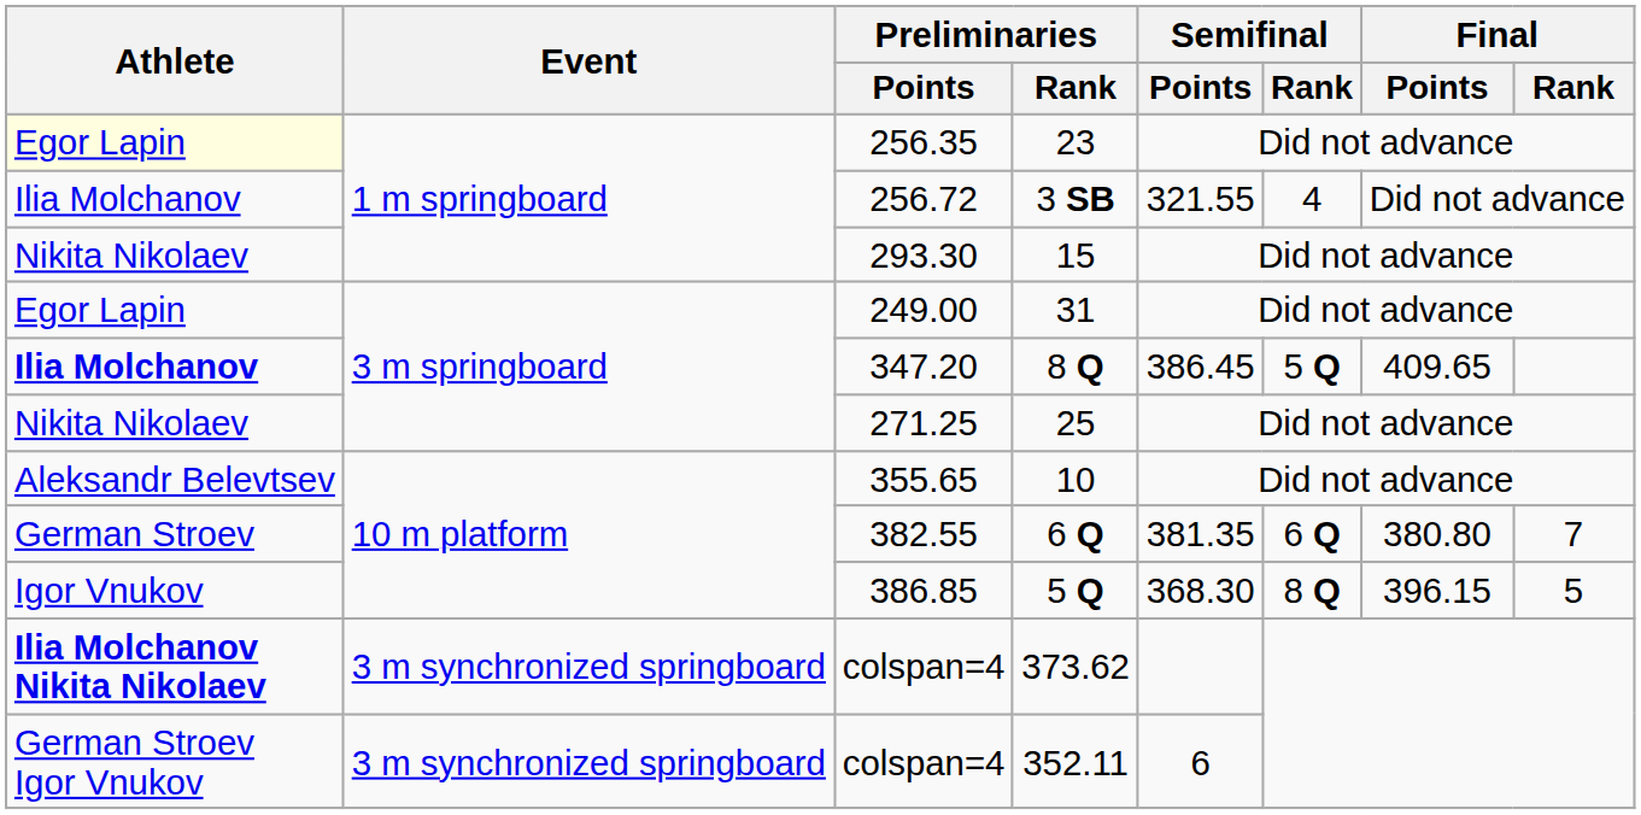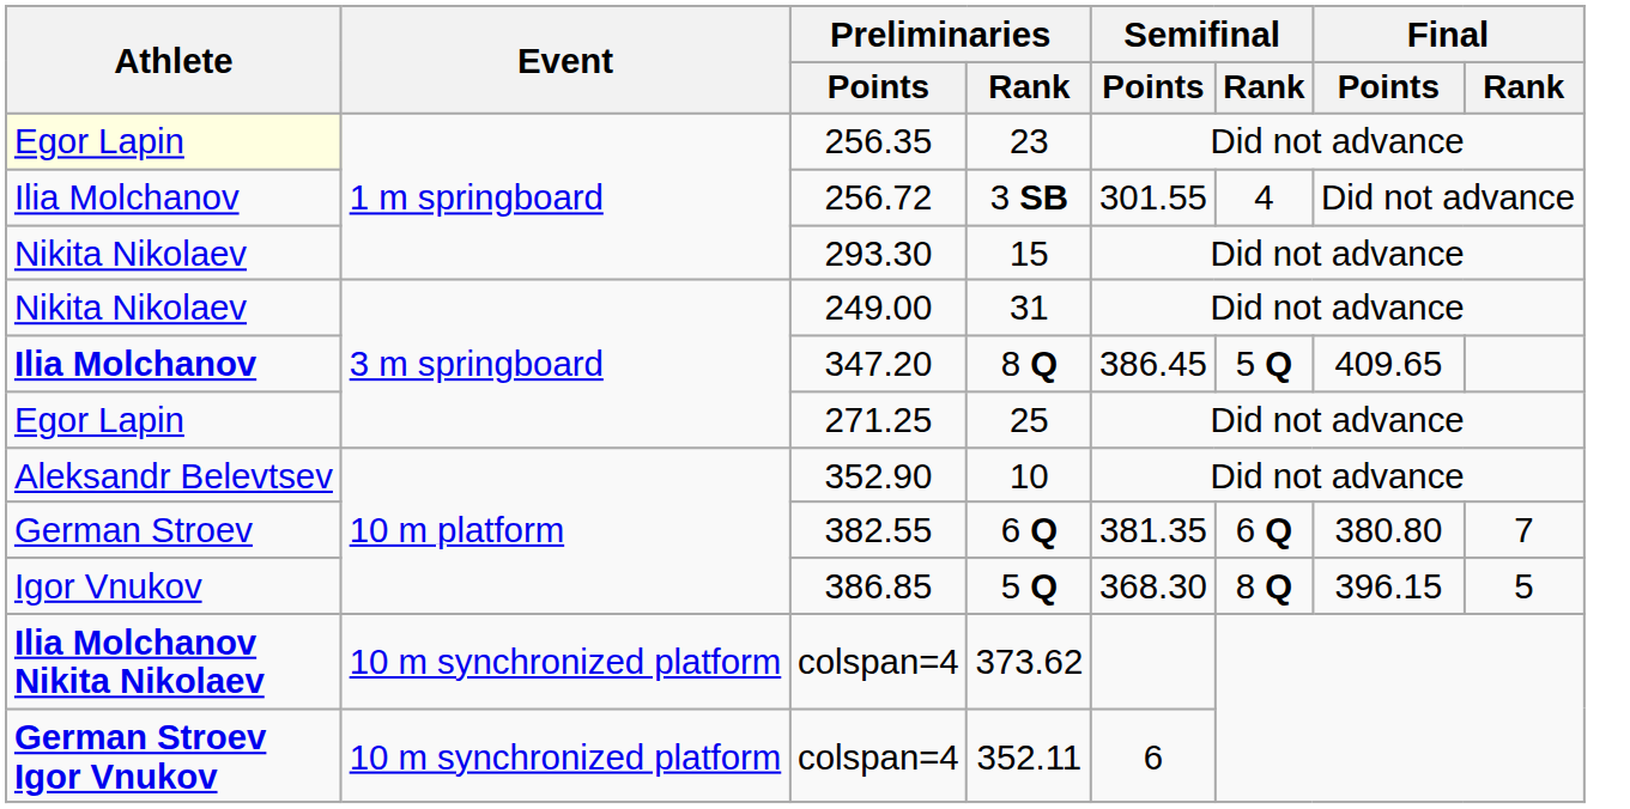 <table class="wikitable" style="text-align:center; font-size:90%">
 <tr>
 <th rowspan=2>Athlete</th>
 <th rowspan=2>Event</th>
 <th colspan=2>Preliminaries</th>
 <th colspan=2>Semifinal</th>
 <th colspan=2>Final</th>
 </tr>
 <tr style="font-size:95%">
 <th>Points</th>
 <th>Rank</th>
 <th>Points</th>
 <th>Rank</th>
 <th>Points</th>
 <th>Rank</th>
 </tr>
 <tr>
 <td align=left style="background: lightyellow;"><a href='#'>Egor Lapin</a></td>
 <td align=left rowspan=3><a href='#'>1 m springboard</a></td>
 <td>256.35</td>
 <td>23</td>
 <td colspan=4>Did not advance</td>
 </tr>
 <tr>
 <td align=left><a href='#'>Ilia Molchanov</a></td>
 <td>256.72</td>
 <td>3 <strong>SB</strong></td>
-<td>321.55</td>
+<td>301.55</td>
 <td>4</td>
 <td colspan=2>Did not advance</td>
 </tr>
 <tr>
 <td align=left><a href='#'>Nikita Nikolaev</a></td>
 <td>293.30</td>
 <td>15</td>
 <td colspan=4>Did not advance</td>
 </tr>
 <tr>
-<td align=left><a href='#'>Egor Lapin</a></td>
+<td align=left><a href='#'>Nikita Nikolaev</a></td>
 <td align=left rowspan=3><a href='#'>3 m springboard</a></td>
 <td>249.00</td>
 <td>31</td>
 <td colspan=4>Did not advance</td>
 </tr>
 <tr>
 <td align=left><strong><a href='#'>Ilia Molchanov</a></strong></td>
 <td>347.20</td>
 <td>8 <strong>Q</strong></td>
 <td>386.45</td>
 <td>5 <strong>Q</strong></td>
 <td>409.65</td>
 <td></td>
 </tr>
 <tr>
-<td align=left><a href='#'>Nikita Nikolaev</a></td>
+<td align=left><a href='#'>Egor Lapin</a></td>
 <td>271.25</td>
 <td>25</td>
 <td colspan=4>Did not advance</td>
 </tr>
 <tr>
 <td align=left><a href='#'>Aleksandr Belevtsev</a></td>
 <td align=left rowspan=3><a href='#'>10 m platform</a></td>
-<td>355.65</td>
+<td>352.90</td>
 <td>10</td>
 <td colspan=4>Did not advance</td>
 </tr>
 <tr>
 <td align=left><a href='#'>German Stroev</a></td>
 <td>382.55</td>
 <td>6 <strong>Q</strong></td>
 <td>381.35</td>
 <td>6 <strong>Q</strong></td>
 <td>380.80</td>
 <td>7</td>
 </tr>
 <tr>
 <td align=left><a href='#'>Igor Vnukov</a></td>
 <td>386.85</td>
 <td>5 <strong>Q</strong></td>
 <td>368.30</td>
 <td>8 <strong>Q</strong></td>
 <td>396.15</td>
 <td>5</td>
 </tr>
 <tr>
 <td align=left><strong><a href='#'>Ilia Molchanov</a><br><a href='#'>Nikita Nikolaev</a></strong></td>
-<td align=left><a href='#'>3 m synchronized springboard</a></td>
+<td align=left><a href='#'>10 m synchronized platform</a></td>
 <td>colspan=4 </td>
 <td>373.62</td>
 <td></td>
 </tr>
 <tr>
-<td align=left><a href='#'>German Stroev</a><br><a href='#'>Igor Vnukov</a></td>
-<td align=left><a href='#'>3 m synchronized springboard</a></td>
+<td align=left><strong><a href='#'>German Stroev</a><br><a href='#'>Igor Vnukov</a></strong></td>
+<td align=left><a href='#'>10 m synchronized platform</a></td>
 <td>colspan=4 </td>
 <td>352.11</td>
 <td>6</td>
 </tr>
 </table>
